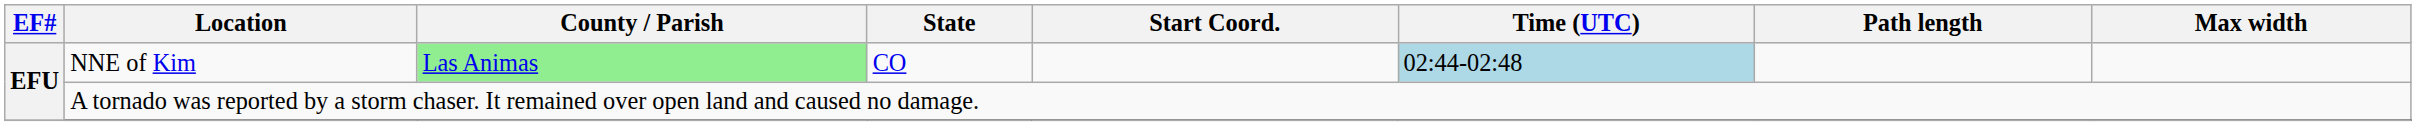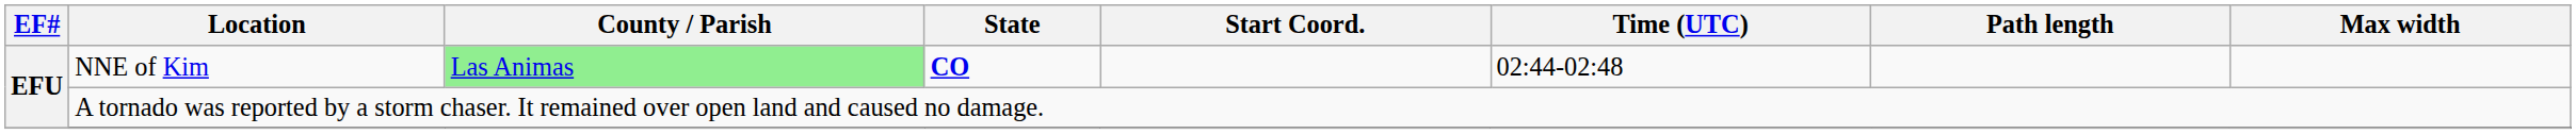 <table class="wikitable sortable" style="width:100%;">
 <tr>
 <th scope="col" width="2%" align="center"><a href='#'>EF#</a></th>
 <th scope="col" align="center" class="unsortable">Location</th>
 <th scope="col" align="center" class="unsortable">County / Parish</th>
 <th scope="col" align="center">State</th>
 <th scope="col" align="center">Start Coord.</th>
 <th scope="col" align="center">Time (<a href='#'>UTC</a>)</th>
 <th scope="col" align="center">Path length</th>
 <th scope="col" align="center">Max width</th>
 </tr>
 <tr>
 <th scope="row" rowspan="2" style="background-color:#">EFU</th>
 <td>NNE of <a href='#'>Kim</a></td>
 <td style="background: lightgreen;"><a href='#'>Las Animas</a></td>
-<td><a href='#'>CO</a></td>
+<td><strong><a href='#'>CO</a></strong></td>
 <td></td>
-<td style="background: lightblue;">02:44-02:48</td>
+<td>02:44-02:48</td>
 <td></td>
 <td></td>
 </tr>
 <tr class="expand-child">
 <td colspan="8" style=" border-bottom: 1px solid black;">A tornado was reported by a storm chaser. It remained over open land and caused no damage.</td>
 </tr>
 <tr>
 </tr>
 </table>
